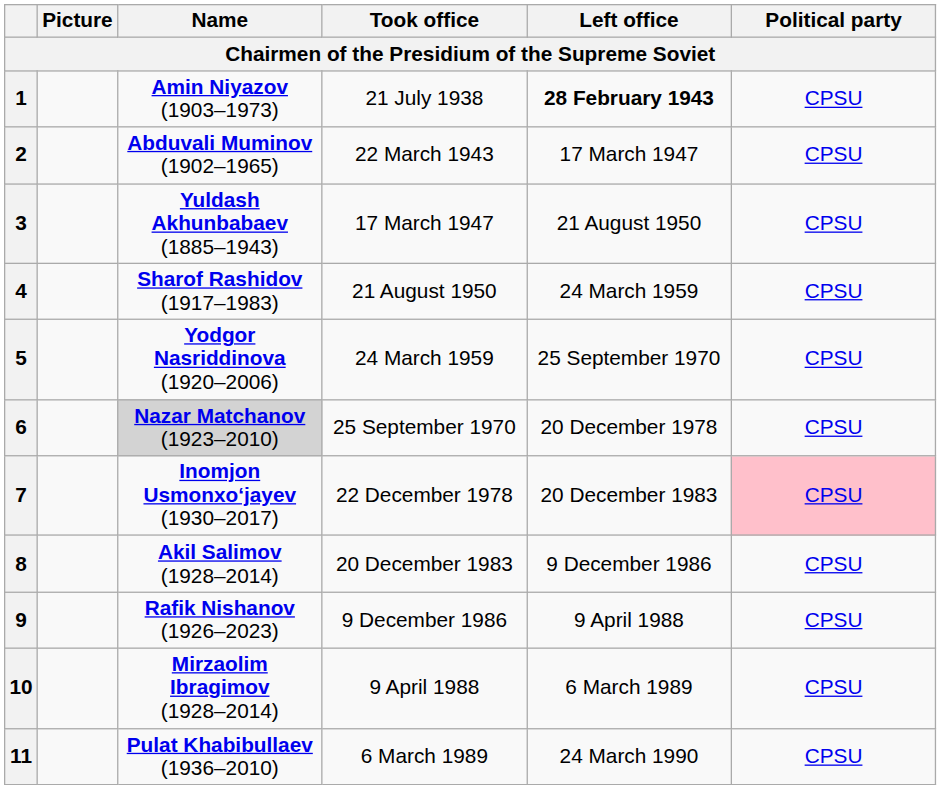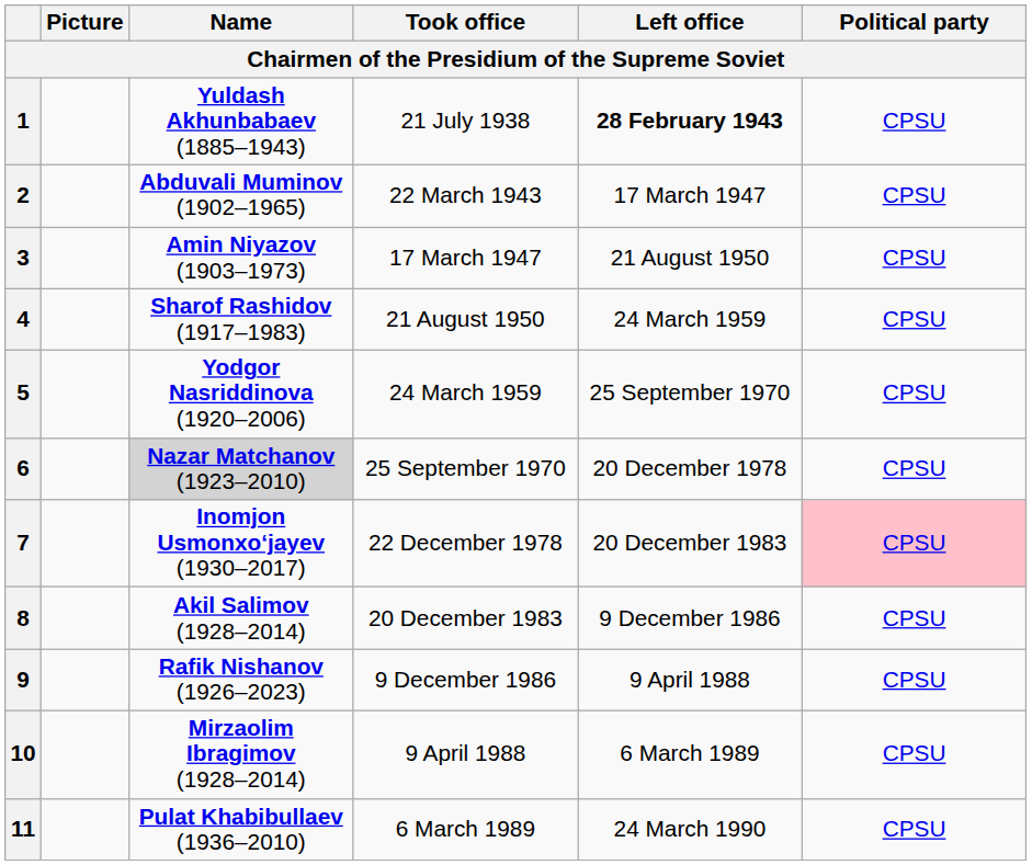 <table class="wikitable" style="text-align:center">
 <tr>
 <th></th>
 <th>Picture</th>
 <th width="150">Name<br></th>
 <th width="150">Took office</th>
 <th width="150">Left office</th>
 <th width="150">Political party</th>
 </tr>
 <tr>
 <th colspan="6" align="center">Chairmen of the Presidium of the Supreme Soviet</th>
 </tr>
 <tr>
 <th style="background:">1</th>
 <td></td>
-<td><strong><a href='#'>Amin Niyazov</a></strong><br>(1903–1973)</td>
+<td><strong><a href='#'>Yuldash Akhunbabaev</a></strong><br>(1885–1943)</td>
 <td>21 July 1938</td>
 <td><strong>28 February 1943</strong></td>
 <td><a href='#'>CPSU</a></td>
 </tr>
 <tr>
 <th style="background:">2</th>
 <td></td>
 <td><strong><a href='#'>Abduvali Muminov</a></strong><br>(1902–1965)</td>
 <td>22 March 1943</td>
 <td>17 March 1947</td>
 <td><a href='#'>CPSU</a></td>
 </tr>
 <tr>
 <th style="background:">3</th>
 <td></td>
-<td><strong><a href='#'>Yuldash Akhunbabaev</a></strong><br>(1885–1943)</td>
+<td><strong><a href='#'>Amin Niyazov</a></strong><br>(1903–1973)</td>
 <td>17 March 1947</td>
 <td>21 August 1950</td>
 <td><a href='#'>CPSU</a></td>
 </tr>
 <tr>
 <th style="background:">4</th>
 <td></td>
 <td><strong><a href='#'>Sharof Rashidov</a></strong><br>(1917–1983)</td>
 <td>21 August 1950</td>
 <td>24 March 1959</td>
 <td><a href='#'>CPSU</a></td>
 </tr>
 <tr>
 <th style="background:">5</th>
 <td></td>
 <td><strong><a href='#'>Yodgor Nasriddinova</a></strong><br>(1920–2006)</td>
 <td>24 March 1959</td>
 <td>25 September 1970</td>
 <td><a href='#'>CPSU</a></td>
 </tr>
 <tr>
 <th style="background:">6</th>
 <td></td>
 <td style="background: lightgrey;"><strong><a href='#'>Nazar Matchanov</a></strong><br>(1923–2010)</td>
 <td>25 September 1970</td>
 <td>20 December 1978</td>
 <td><a href='#'>CPSU</a></td>
 </tr>
 <tr>
 <th style="background:">7</th>
 <td></td>
 <td><strong><a href='#'>Inomjon Usmonxo‘jayev</a></strong><br>(1930–2017)</td>
 <td>22 December 1978</td>
 <td>20 December 1983</td>
 <td style="background: pink;"><a href='#'>CPSU</a></td>
 </tr>
 <tr>
 <th style="background:">8</th>
 <td></td>
 <td><strong><a href='#'>Akil Salimov</a></strong><br>(1928–2014)</td>
 <td>20 December 1983</td>
 <td>9 December 1986</td>
 <td><a href='#'>CPSU</a></td>
 </tr>
 <tr>
 <th style="background:">9</th>
 <td></td>
 <td><strong><a href='#'>Rafik Nishanov</a></strong><br>(1926–2023)</td>
 <td>9 December 1986</td>
 <td>9 April 1988</td>
 <td><a href='#'>CPSU</a></td>
 </tr>
 <tr>
 <th style="background:">10</th>
 <td></td>
 <td><strong><a href='#'>Mirzaolim Ibragimov</a></strong><br>(1928–2014)</td>
 <td>9 April 1988</td>
 <td>6 March 1989</td>
 <td><a href='#'>CPSU</a></td>
 </tr>
 <tr>
 <th style="background:">11</th>
 <td></td>
 <td><strong><a href='#'>Pulat Khabibullaev</a></strong><br>(1936–2010)</td>
 <td>6 March 1989</td>
 <td>24 March 1990</td>
 <td><a href='#'>CPSU</a></td>
 </tr>
 </table>
